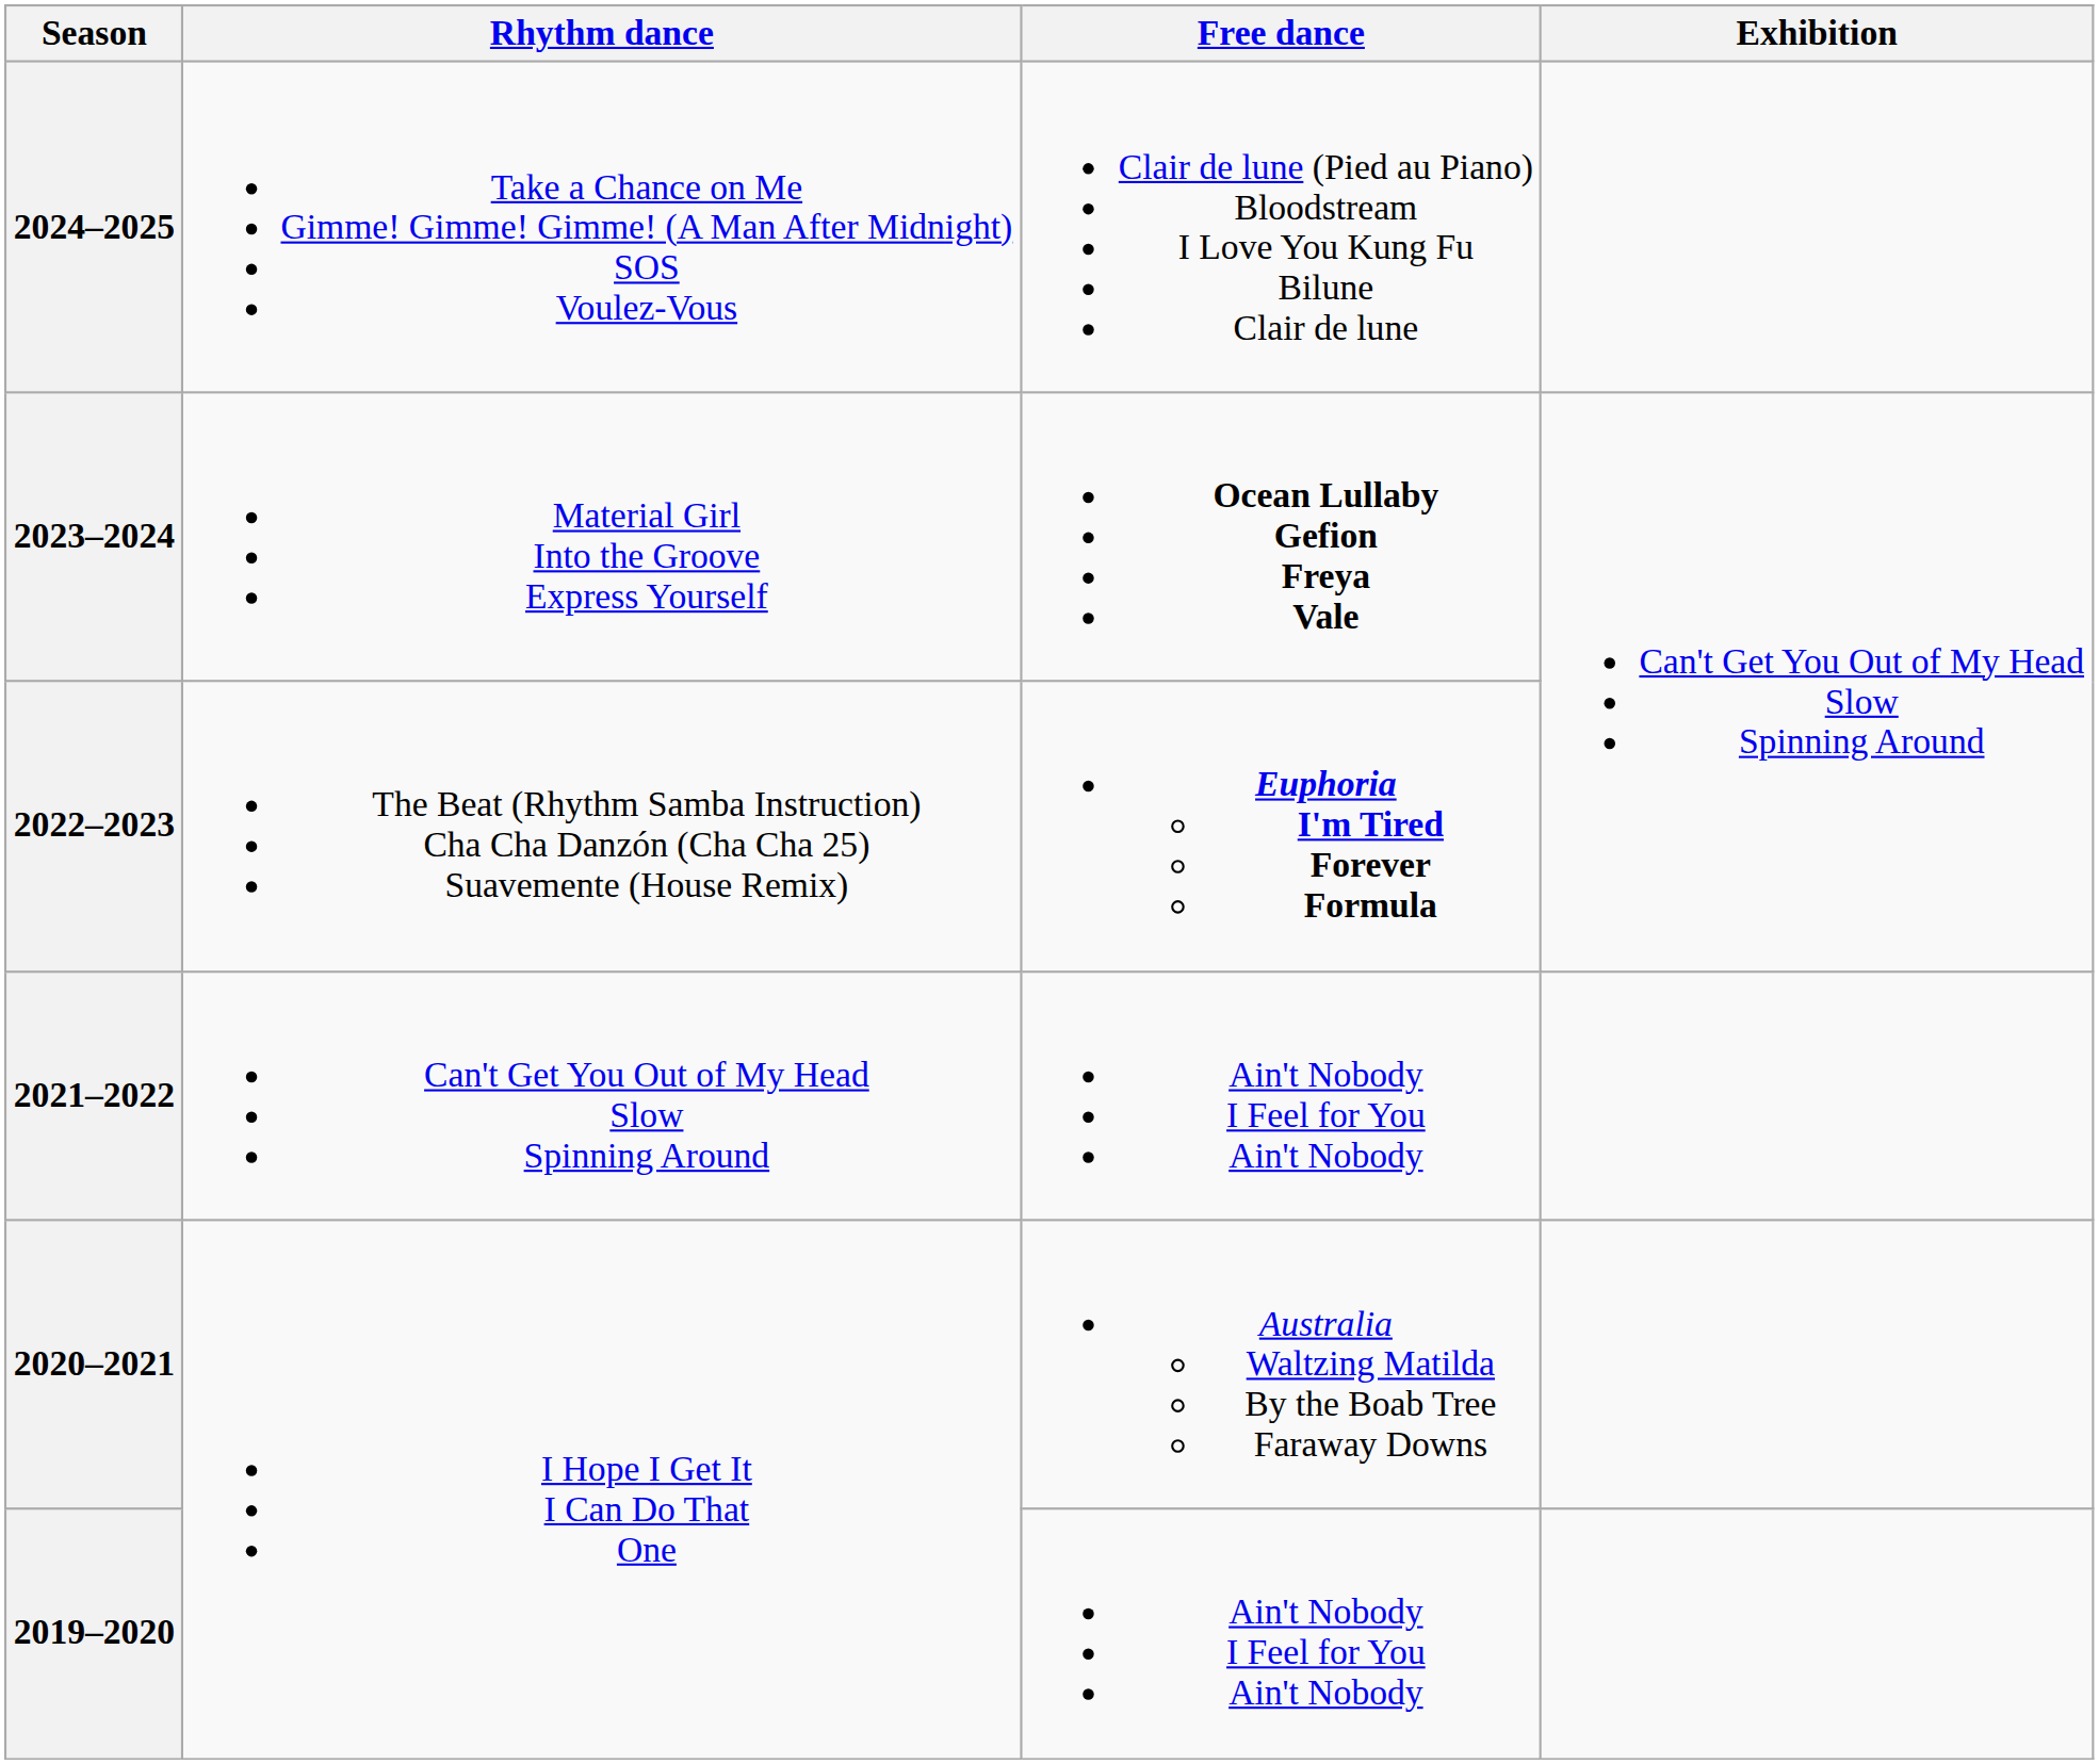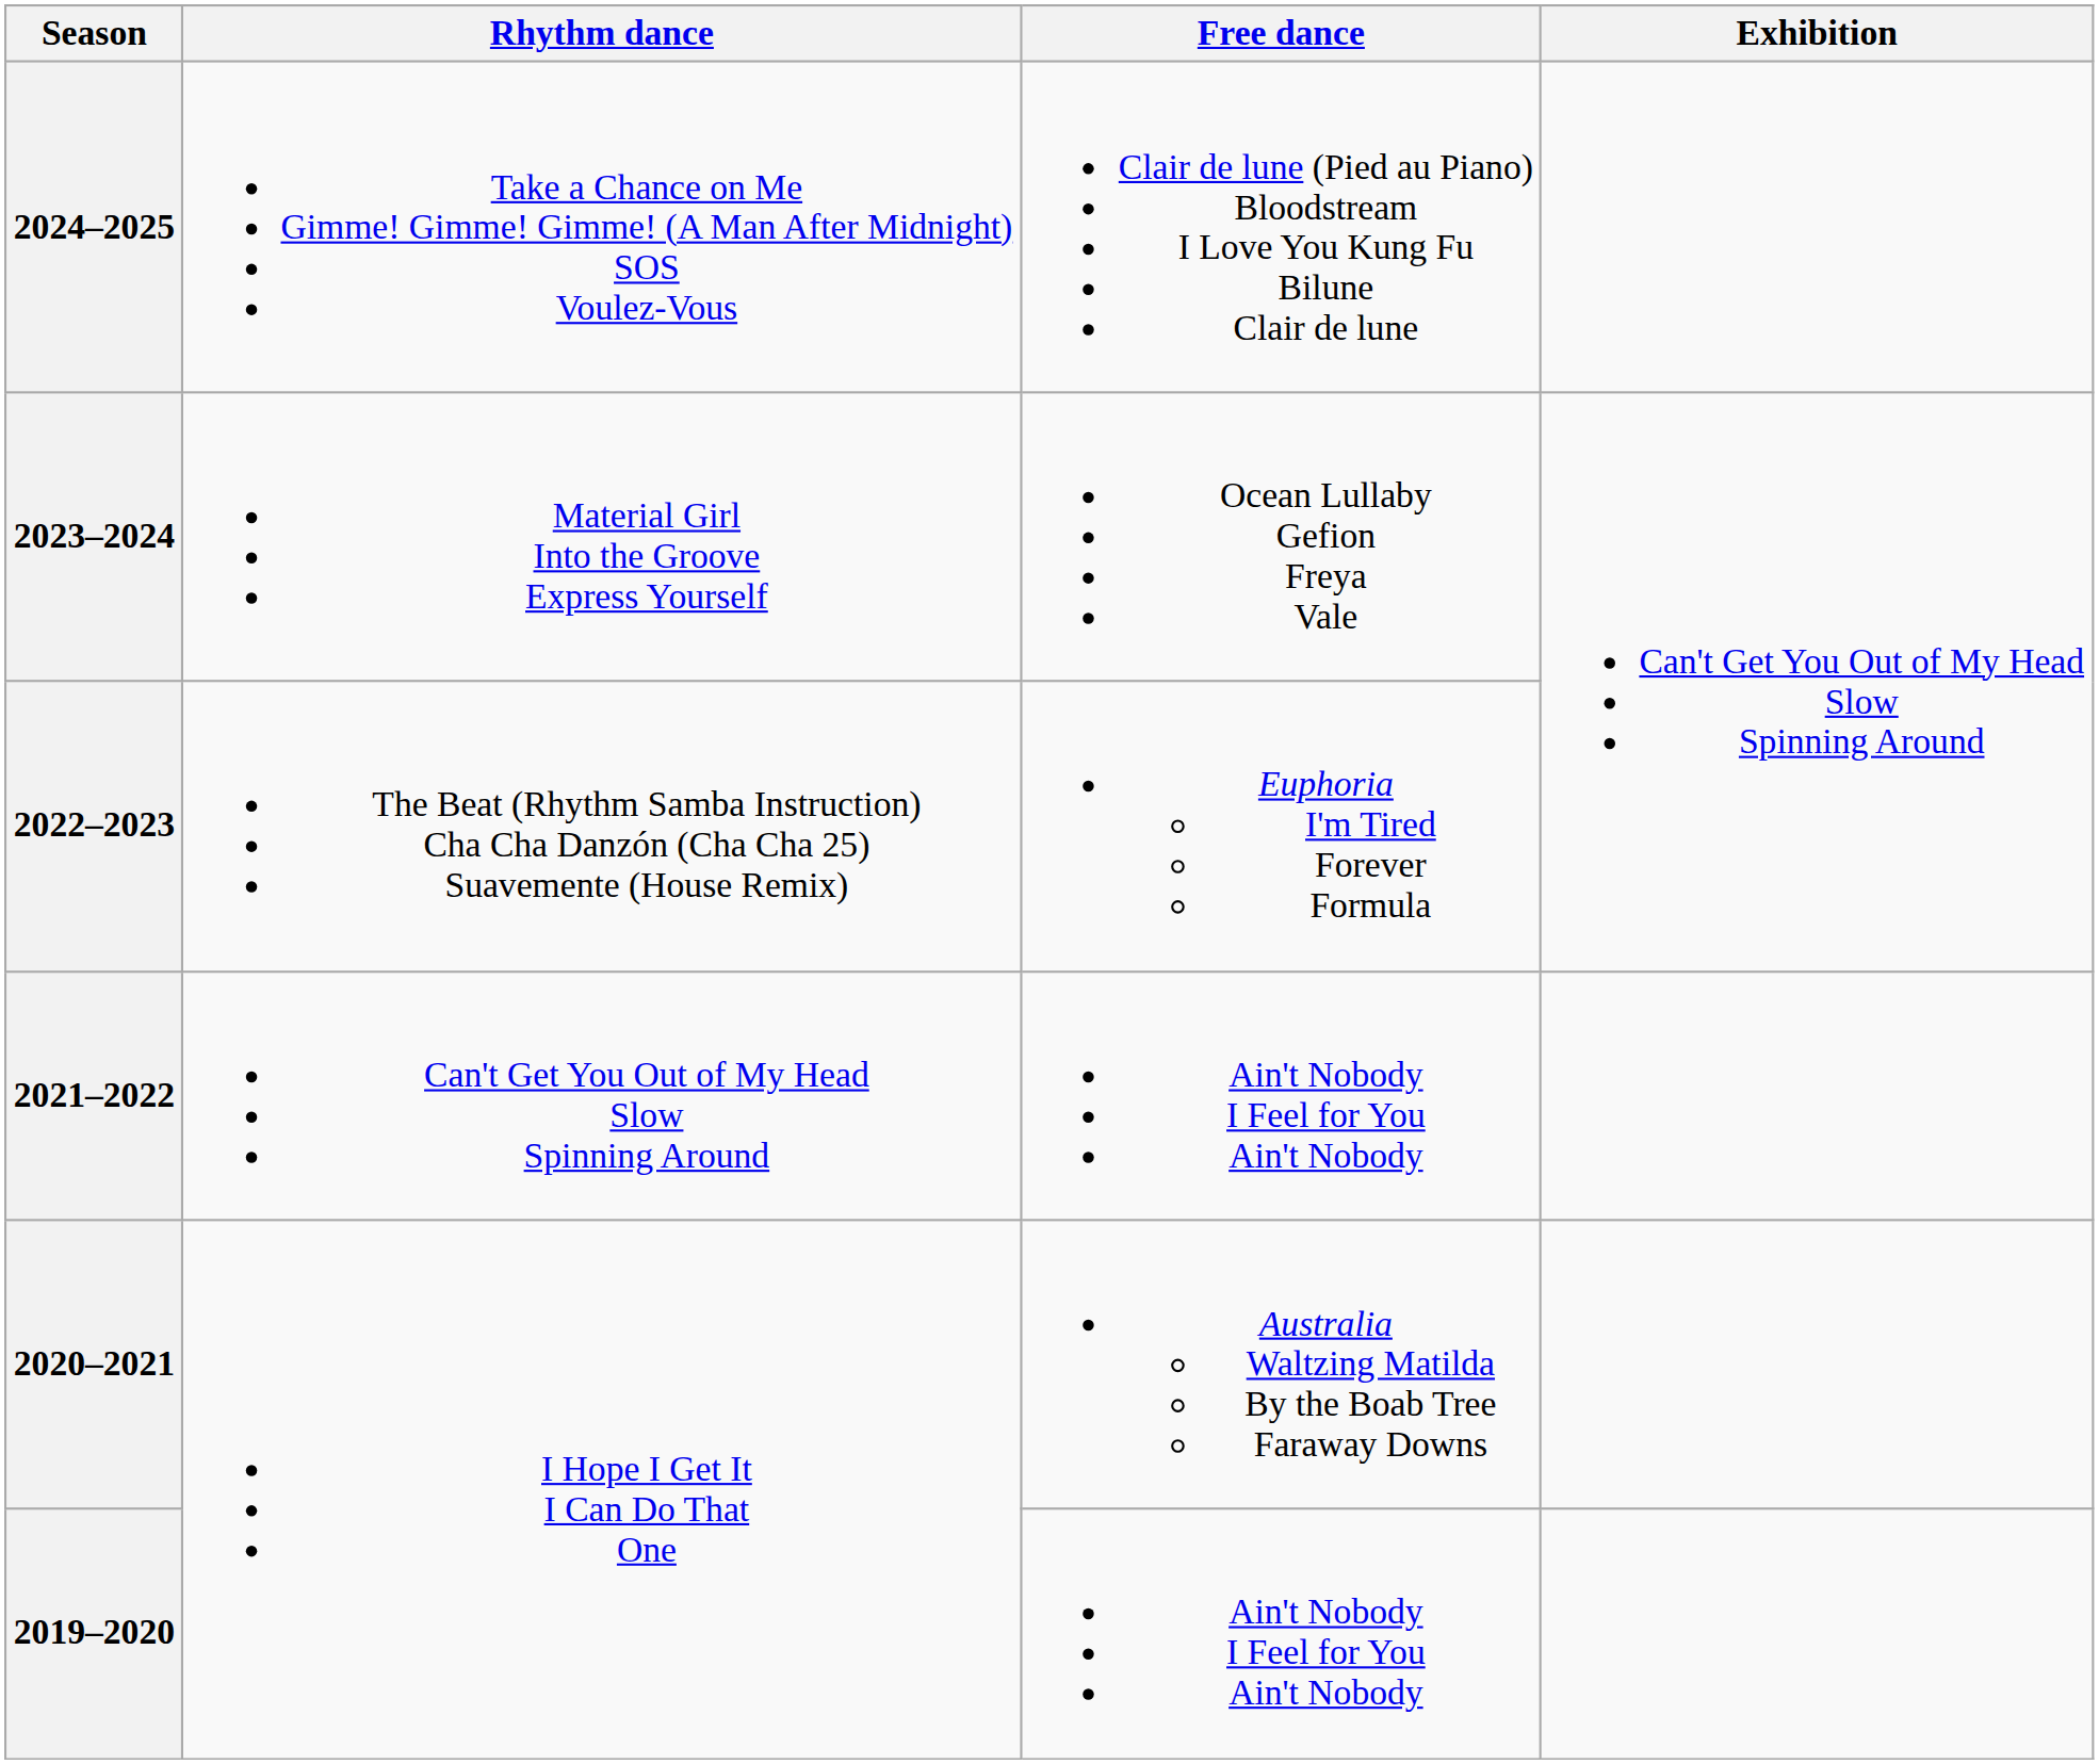 <table class=wikitable style=text-align:center>
 <tr>
 <th>Season</th>
 <th><a href='#'>Rhythm dance</a></th>
 <th><a href='#'>Free dance</a></th>
 <th>Exhibition</th>
 </tr>
 <tr>
 <th>2024–2025 <br> </th>
 <td><br><ul><li><a href='#'>Take a Chance on Me</a></li><li><a href='#'>Gimme! Gimme! Gimme! (A Man After Midnight)</a></li><li><a href='#'>SOS</a></li><li><a href='#'>Voulez-Vous</a> <br> </li></ul></td>
 <td><br><ul><li><a href='#'>Clair de lune</a> (Pied au Piano) <br> </li><li>Bloodstream <br> </li><li>I Love You Kung Fu <br> </li><li>Bilune <br> </li><li>Clair de lune <br> </li></ul></td>
 </tr>
 <tr>
 <th>2023–2024 <br> </th>
 <td><br><ul><li><a href='#'>Material Girl</a></li><li><a href='#'>Into the Groove</a></li><li><a href='#'>Express Yourself</a> <br> </li></ul></td>
-<td><strong><br><ul><li>Ocean Lullaby <br> </li><li>Gefion</li><li>Freya <br> </li><li>Vale <br> </li></ul></strong></td>
+<td><br><ul><li>Ocean Lullaby <br> </li><li>Gefion</li><li>Freya <br> </li><li>Vale <br> </li></ul></td>
 <td rowspan=2><br><ul><li><a href='#'>Can't Get You Out of My Head</a></li><li><a href='#'>Slow</a></li><li><a href='#'>Spinning Around</a><br></li></ul></td>
 </tr>
 <tr>
 <th>2022–2023 <br> </th>
 <td><br><ul><li> The Beat (Rhythm Samba Instruction) <br> </li><li> Cha Cha Danzón (Cha Cha 25) <br> </li><li> Suavemente (House Remix) <br> </li></ul></td>
-<td><strong><br><ul><li><em><a href='#'>Euphoria</a></em><ul><li><a href='#'>I'm Tired</a> <br> </li><li>Forever</li><li>Formula <br> </li></ul></li></ul></strong></td>
+<td><br><ul><li><em><a href='#'>Euphoria</a></em><ul><li><a href='#'>I'm Tired</a> <br> </li><li>Forever</li><li>Formula <br> </li></ul></li></ul></td>
 </tr>
 <tr>
 <th>2021–2022 <br> </th>
 <td><br><ul><li> <a href='#'>Can't Get You Out of My Head</a></li><li> <a href='#'>Slow</a></li><li> <a href='#'>Spinning Around</a><br></li></ul></td>
 <td><br><ul><li><a href='#'>Ain't Nobody</a><br></li><li><a href='#'>I Feel for You</a><br></li><li><a href='#'>Ain't Nobody</a><br></li></ul></td>
 <td></td>
 </tr>
 <tr>
 <th>2020–2021 <br> </th>
 <td rowspan=2><br><ul><li> <a href='#'>I Hope I Get It</a></li><li> <a href='#'>I Can Do That</a></li><li> <a href='#'>One</a><br></li></ul></td>
 <td><br><ul><li><em><a href='#'>Australia</a></em><ul><li><a href='#'>Waltzing Matilda</a></li><li>By the Boab Tree<br></li><li>Faraway Downs <br> </li></ul></li></ul></td>
 <td></td>
 </tr>
 <tr>
 <th>2019–2020 <br></th>
 <td><br><ul><li><a href='#'>Ain't Nobody</a><br></li><li><a href='#'>I Feel for You</a><br></li><li><a href='#'>Ain't Nobody</a><br></li></ul></td>
 <td></td>
 </tr>
 </table>
